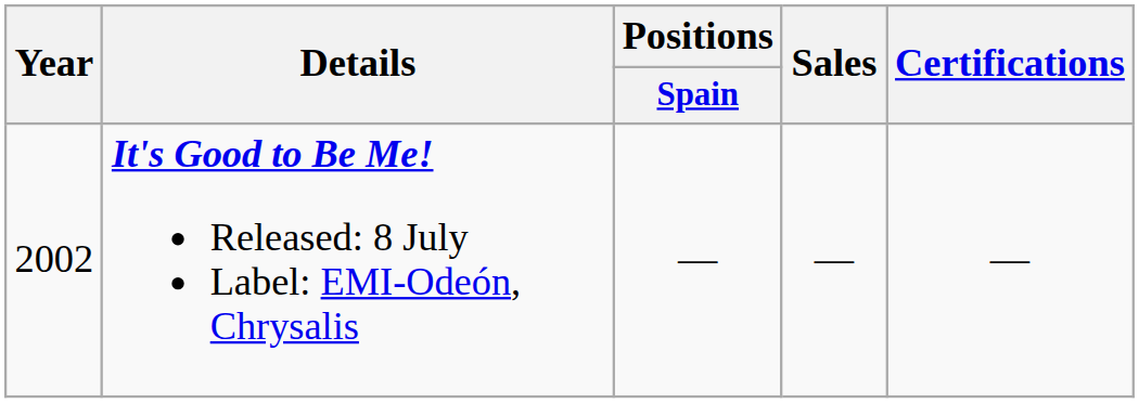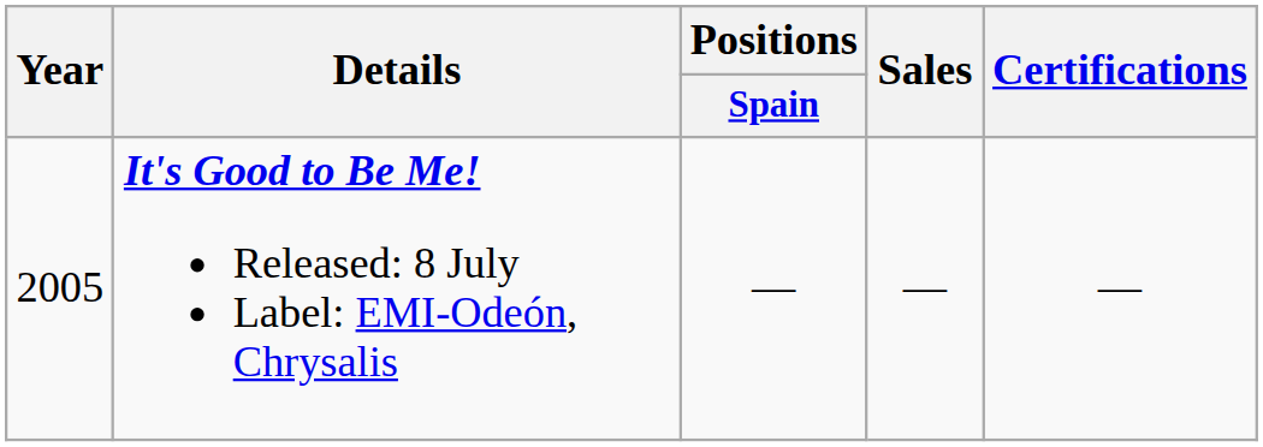 <table class="wikitable">
 <tr>
 <th rowspan="2">Year</th>
 <th rowspan="2" width="200">Details</th>
 <th colspan="1">Positions</th>
 <th rowspan="2">Sales</th>
 <th rowspan="2"><a href='#'>Certifications</a></th>
 </tr>
 <tr>
 <th style="width:3em;font-size:85%"><a href='#'>Spain</a></th>
 </tr>
 <tr>
-<td>2002</td>
+<td>2005</td>
 <td><strong><em><a href='#'>It's Good to Be Me!</a></em></strong><br><ul><li>Released: 8 July</li><li>Label: <a href='#'>EMI-Odeón</a>, <a href='#'>Chrysalis</a></li></ul></td>
 <td align="center">—</td>
 <td align="center">—</td>
 <td align="center">—</td>
 </tr>
 </table>
